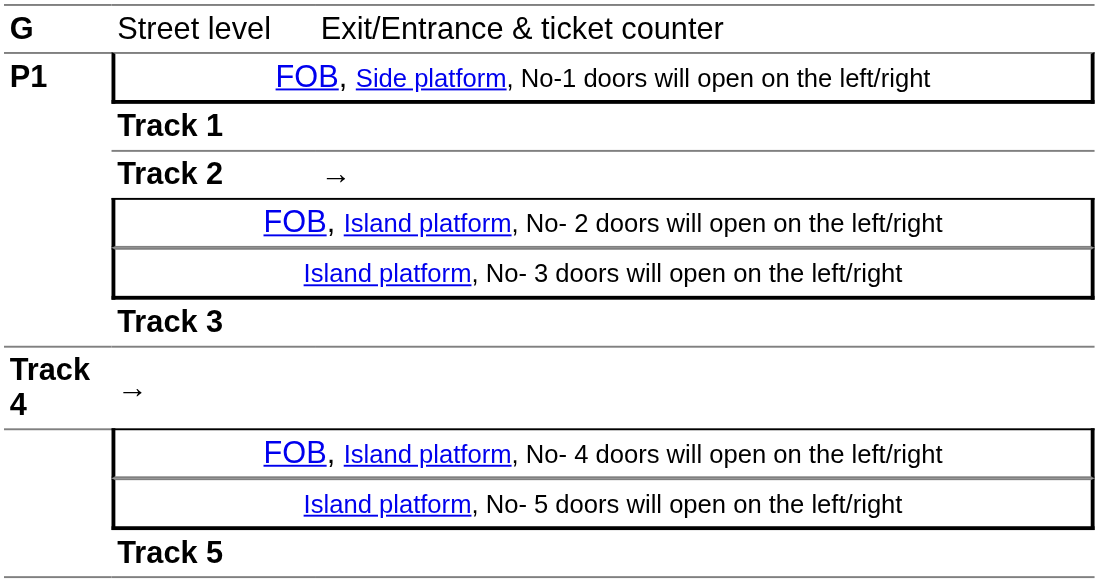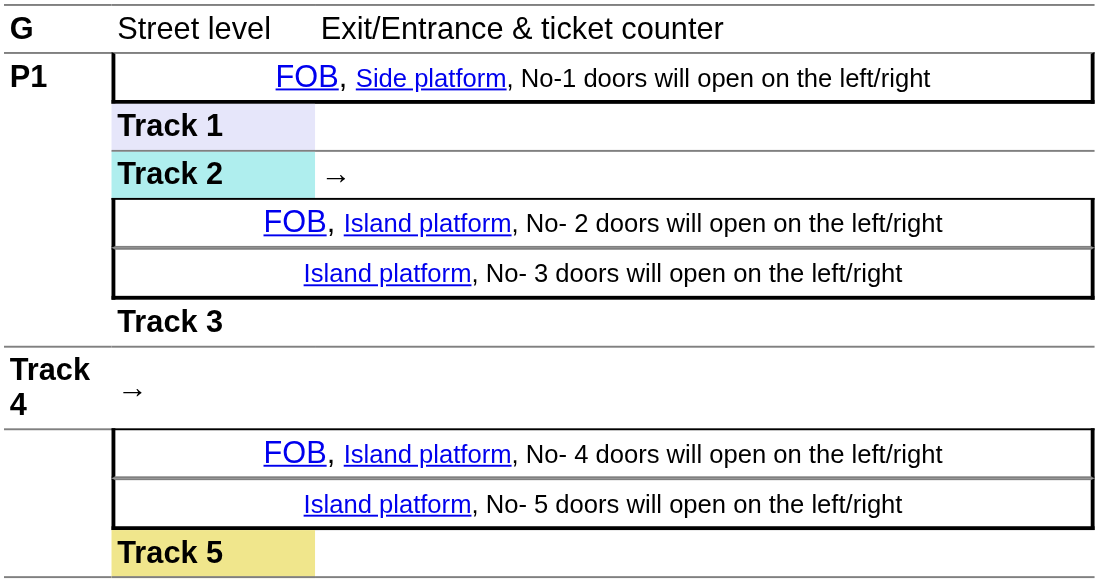 <table table border=0 cellspacing=0 cellpadding=3>
 <tr>
 <td style="border-top:solid 1px gray;" width=50 valign=top><strong>G</strong></td>
 <td style="border-top:solid 1px gray;" width=100 valign=top>Street level</td>
 <td style="border-top:solid 1px gray;" width=400 valign=top>Exit/Entrance & ticket counter</td>
 </tr>
 <tr>
 <td style="border-top:solid 1px gray;border-bottom:solid 1px gray;" width=50 rowspan=6 valign=top><strong>P1</strong></td>
 <td style="border-top:solid 1px gray;border-right:solid 2px black;border-left:solid 2px black;border-bottom:solid 2px black;text-align:center;" colspan=2><a href='#'>FOB</a>, <small><a href='#'>Side platform</a>, No-1 doors will open on the left/right</small></td>
 </tr>
 <tr>
-<td style="border-bottom:solid 1px gray;" width=100><strong>Track 1</strong></td>
+<td style="background: lavender; border-bottom:solid 1px gray;" width=100><strong>Track 1</strong></td>
 <td style="border-bottom:solid 1px gray;" width=400></td>
 </tr>
 <tr>
-<td><strong>Track 2</strong></td>
+<td style="background: paleturquoise;"><strong>Track 2</strong></td>
 <td><span>→</span></td>
 </tr>
 <tr>
 <td style="border-top:solid 1px black;border-right:solid 2px black;border-left:solid 2px black;border-bottom:solid 1px gray;text-align:center;" colspan=2><a href='#'>FOB</a>, <small><a href='#'>Island platform</a>, No- 2 doors will open on the left/right</small></td>
 </tr>
 <tr>
 <td style="border-top:solid 1px gray;border-right:solid 2px black;border-left:solid 2px black;border-bottom:solid 2px black;text-align:center;" colspan=2><small><a href='#'>Island platform</a>, No- 3 doors will open on the left/right</small></td>
 </tr>
 <tr>
 <td style="border-bottom:solid 1px gray;" width=100><strong>Track 3</strong></td>
 <td style="border-bottom:solid 1px gray;" width=400></td>
 </tr>
 <tr>
 <td><strong>Track 4</strong></td>
 <td><span>→</span></td>
 </tr>
 <tr>
 <td style="border-top:solid 1px gray;border-bottom:solid 1px gray;" width=50 rowspan=6 valign=top></td>
 </tr>
 <tr>
 <td style="border-top:solid 1px black;border-right:solid 2px black;border-left:solid 2px black;border-bottom:solid 1px gray;text-align:center;" colspan=2><a href='#'>FOB</a>, <small><a href='#'>Island platform</a>, No- 4 doors will open on the left/right</small></td>
 </tr>
 <tr>
 <td style="border-top:solid 1px gray;border-right:solid 2px black;border-left:solid 2px black;border-bottom:solid 2px black;text-align:center;" colspan=2><small><a href='#'>Island platform</a>, No- 5 doors will open on the left/right</small></td>
 </tr>
 <tr>
-<td style="border-bottom:solid 1px gray;" width=100><strong>Track 5</strong></td>
+<td style="background: khaki; border-bottom:solid 1px gray;" width=100><strong>Track 5</strong></td>
 <td style="border-bottom:solid 1px gray;" width=400></td>
 </tr>
 </table>
